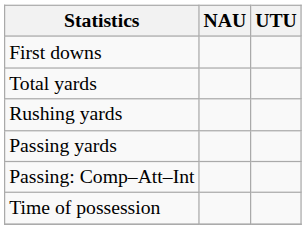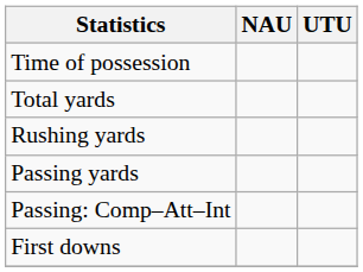 <table class="wikitable" style="float: left;">
 <tr>
 <th>Statistics</th>
 <th>NAU</th>
 <th>UTU</th>
 </tr>
 <tr>
-<td>First downs</td>
+<td>Time of possession</td>
 <td></td>
 <td></td>
 </tr>
 <tr>
 <td>Total yards</td>
 <td></td>
 <td></td>
 </tr>
 <tr>
 <td>Rushing yards</td>
 <td></td>
 <td></td>
 </tr>
 <tr>
 <td>Passing yards</td>
 <td></td>
 <td></td>
 </tr>
 <tr>
 <td>Passing: Comp–Att–Int</td>
 <td></td>
 <td></td>
 </tr>
 <tr>
-<td>Time of possession</td>
+<td>First downs</td>
 <td></td>
 <td></td>
 </tr>
 <tr>
 </tr>
 </table>
